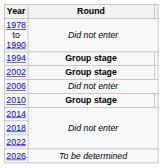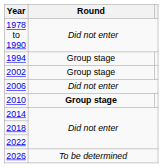 <table class="wikitable" style="text-align: center; font-size:90%">
 <tr>
 <th>Year</th>
 <th style="width:200px">Round</th>
 <th></th>
 </tr>
 <tr>
 <td><a href='#'>1978</a><br>to<br><a href='#'>1990</a></td>
 <td colspan="2"><em>Did not enter</em></td>
 </tr>
 <tr>
 <td><a href='#'>1994</a></td>
-<td><strong>Group stage</strong></td>
+<td>Group stage</td>
 <td></td>
 </tr>
 <tr>
 <td><a href='#'>2002</a></td>
-<td><strong>Group stage</strong></td>
+<td>Group stage</td>
 <td></td>
 </tr>
 <tr>
 <td><a href='#'>2006</a></td>
 <td colspan="2"><em>Did not enter</em></td>
 </tr>
 <tr>
 <td><a href='#'>2010</a></td>
 <td><strong>Group stage</strong></td>
 <td></td>
 </tr>
 <tr>
 <td><a href='#'>2014</a></td>
 <td colspan="2" rowspan="3"><em>Did not enter</em></td>
 </tr>
 <tr>
 <td><a href='#'>2018</a></td>
 </tr>
 <tr>
 <td><a href='#'>2022</a></td>
 </tr>
 <tr>
 <td><a href='#'>2026</a></td>
 <td colspan="2"><em>To be determined</em></td>
 </tr>
 </table>
